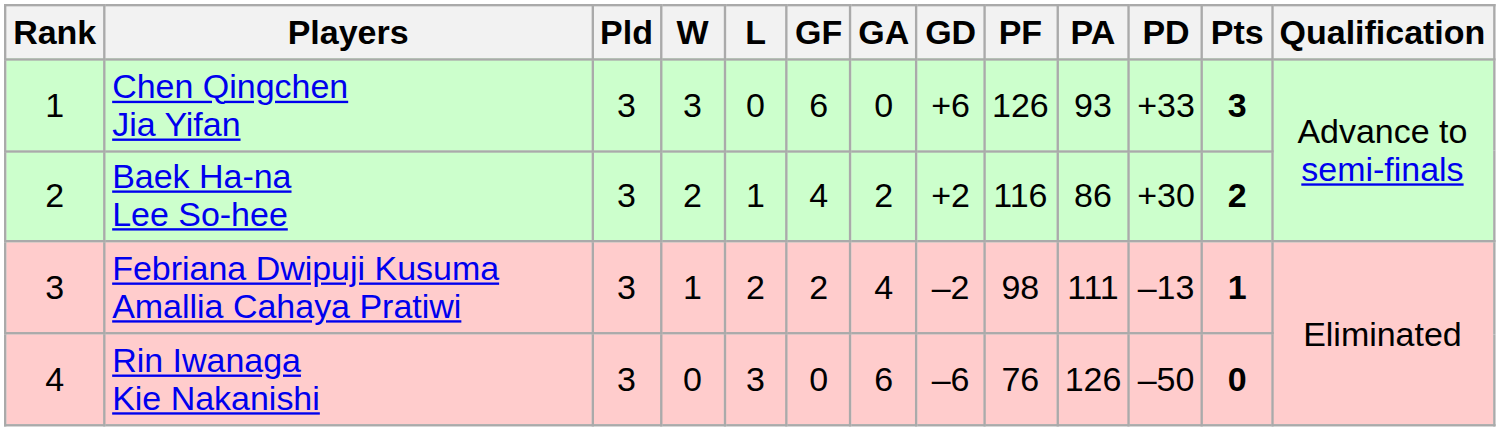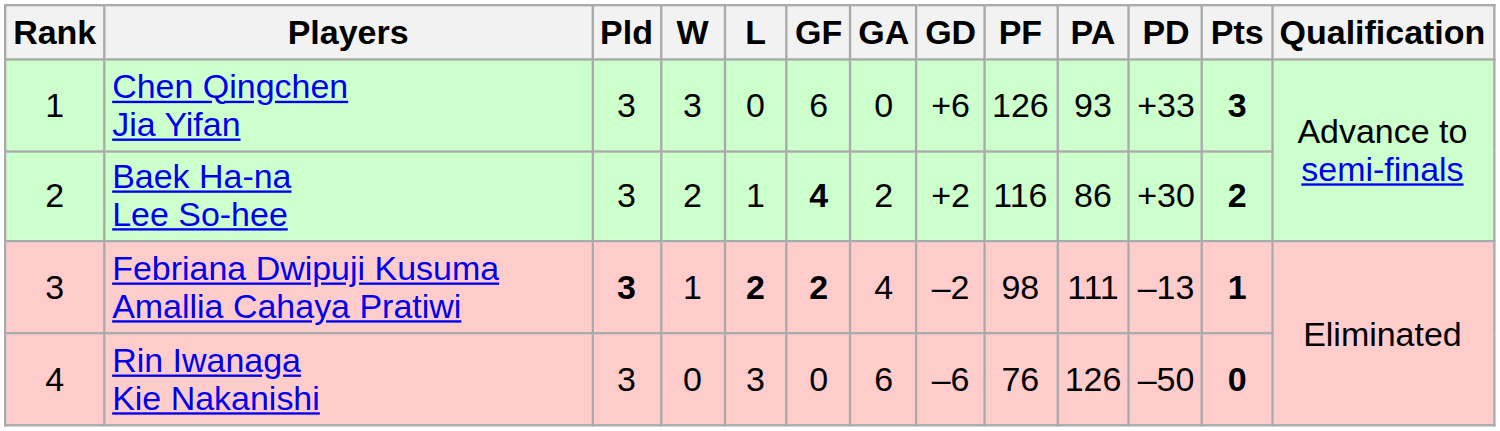 <table class="wikitable" style="font-size:90%; text-align:center">
 <tr>
 <th width="20">Rank</th>
 <th width="200">Players</th>
 <th width="20">Pld</th>
 <th width="20">W</th>
 <th width="20">L</th>
 <th width="20">GF</th>
 <th width="20">GA</th>
 <th width="20">GD</th>
 <th width="20">PF</th>
 <th width="20">PA</th>
 <th width="20">PD</th>
 <th width="20">Pts</th>
 <th width="20">Qualification</th>
 </tr>
 <tr style="background:#ccffcc">
 <td>1</td>
 <td style="text-align:left"> <a href='#'>Chen Qingchen</a><br> <a href='#'>Jia Yifan</a></td>
 <td>3</td>
 <td>3</td>
 <td>0</td>
 <td>6</td>
 <td>0</td>
 <td>+6</td>
 <td>126</td>
 <td>93</td>
 <td>+33</td>
 <td><strong>3</strong></td>
 <td rowspan="2">Advance to <a href='#'>semi-finals</a></td>
 </tr>
 <tr style="background:#ccffcc">
 <td>2</td>
 <td style="text-align:left"> <a href='#'>Baek Ha-na</a><br> <a href='#'>Lee So-hee</a></td>
 <td>3</td>
 <td>2</td>
 <td>1</td>
-<td>4</td>
+<td><strong>4</strong></td>
 <td>2</td>
 <td>+2</td>
 <td>116</td>
 <td>86</td>
 <td>+30</td>
 <td><strong>2</strong></td>
 </tr>
 <tr style="background:#ffcccc">
 <td>3</td>
 <td style="text-align:left"> <a href='#'>Febriana Dwipuji Kusuma</a><br> <a href='#'>Amallia Cahaya Pratiwi</a></td>
-<td>3</td>
+<td><strong>3</strong></td>
 <td>1</td>
-<td>2</td>
-<td>2</td>
+<td><strong>2</strong></td>
+<td><strong>2</strong></td>
 <td>4</td>
 <td>–2</td>
 <td>98</td>
 <td>111</td>
 <td>–13</td>
 <td><strong>1</strong></td>
 <td rowspan="2">Eliminated</td>
 </tr>
 <tr style="background:#ffcccc">
 <td>4</td>
 <td style="text-align:left"> <a href='#'>Rin Iwanaga</a><br> <a href='#'>Kie Nakanishi</a></td>
 <td>3</td>
 <td>0</td>
 <td>3</td>
 <td>0</td>
 <td>6</td>
 <td>–6</td>
 <td>76</td>
 <td>126</td>
 <td>–50</td>
 <td><strong>0</strong></td>
 </tr>
 </table>
